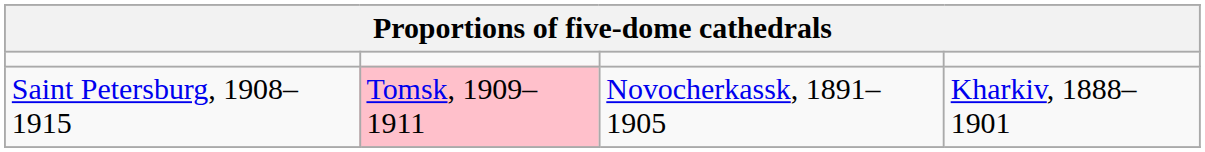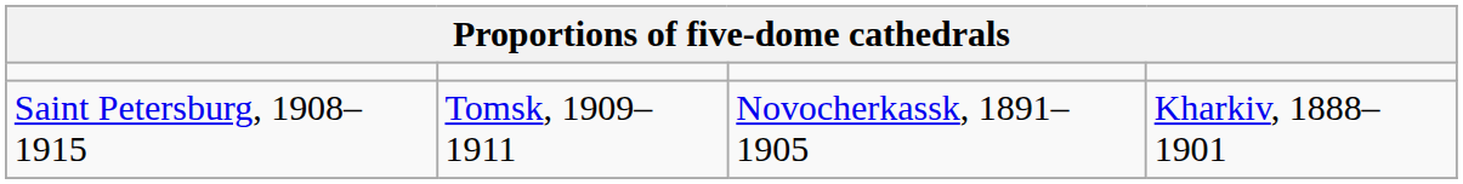 <table class="wikitable" border="1" width=640>
 <tr>
 <th colspan="4">Proportions of five-dome cathedrals</th>
 </tr>
 <tr>
 <td></td>
 <td></td>
 <td></td>
 <td></td>
 </tr>
 <tr>
 <td><a href='#'>Saint Petersburg</a>, 1908–1915</td>
-<td style="background: pink;"><a href='#'>Tomsk</a>, 1909–1911</td>
+<td><a href='#'>Tomsk</a>, 1909–1911</td>
 <td><a href='#'>Novocherkassk</a>, 1891–1905</td>
 <td><a href='#'>Kharkiv</a>, 1888–1901</td>
 </tr>
 </table>
